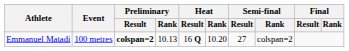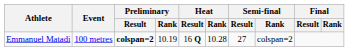 <table class="wikitable" style="font-size:90%">
 <tr>
 <th rowspan="2">Athlete</th>
 <th rowspan="2">Event</th>
 <th colspan="2">Preliminary</th>
 <th colspan="2">Heat</th>
 <th colspan="2">Semi-final</th>
 <th colspan="2">Final</th>
 </tr>
 <tr style="font-size:95%">
 <th>Result</th>
 <th>Rank</th>
 <th>Result</th>
 <th>Rank</th>
 <th>Result</th>
 <th>Rank</th>
 <th>Result</th>
 <th>Rank</th>
 </tr>
 <tr style=text-align:center>
 <td style=text-align:left><a href='#'>Emmanuel Matadi</a></td>
 <td style=text-align:left><a href='#'>100 metres</a></td>
 <td><strong>colspan=2</strong></td>
-<td>10.13</td>
+<td>10.19</td>
 <td>16 <strong>Q</strong></td>
-<td>10.20</td>
+<td>10.28</td>
 <td>27</td>
 <td>colspan=2</td>
 </tr>
 </table>
